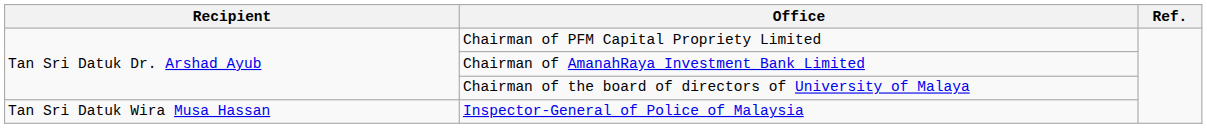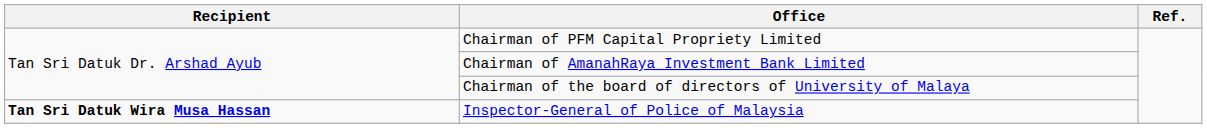 <table class="wikitable">
 <tr>
 <th width=400>Recipient</th>
 <th width=600>Office</th>
 <th width=50>Ref.</th>
 </tr>
 <tr>
 <td rowspan="3">Tan Sri Datuk Dr. <a href='#'>Arshad Ayub</a></td>
 <td>Chairman of PFM Capital Propriety Limited</td>
 <td rowspan="4" align=center></td>
 </tr>
 <tr>
 <td>Chairman of <a href='#'>AmanahRaya Investment Bank Limited</a></td>
 </tr>
 <tr>
 <td>Chairman of the board of directors of <a href='#'>University of Malaya</a></td>
 </tr>
 <tr>
-<td>Tan Sri Datuk Wira <a href='#'>Musa Hassan</a></td>
+<td><strong>Tan Sri Datuk Wira <a href='#'>Musa Hassan</a></strong></td>
 <td><a href='#'>Inspector-General of Police of Malaysia</a></td>
 </tr>
 </table>
